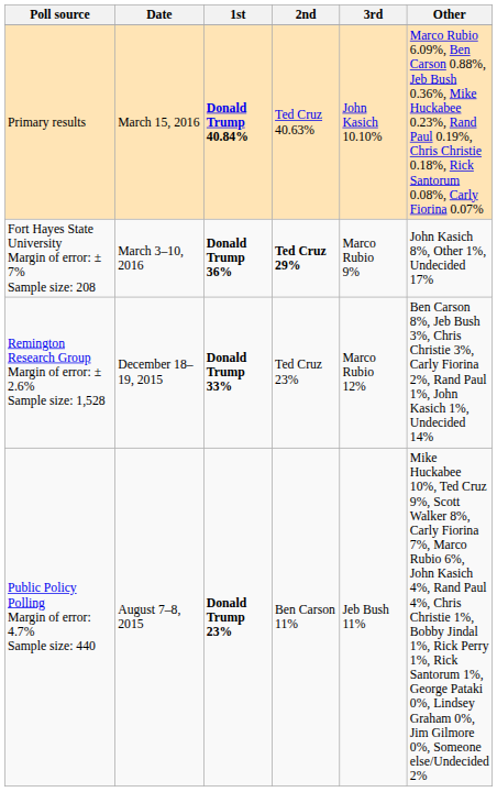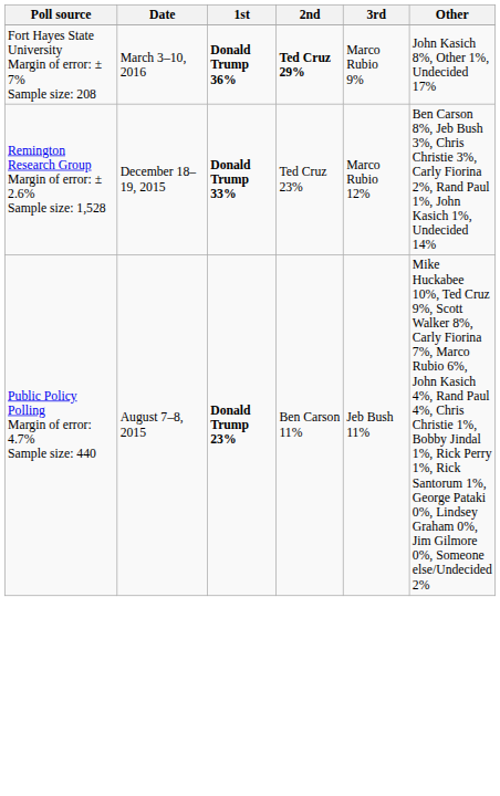 <table class="wikitable">
 <tr>
 <th style="width:180px;">Poll source</th>
 <th style="width:135px;">Date</th>
 <th style="width:100px;">1st</th>
 <th style="width:100px;">2nd</th>
 <th style="width:100px;">3rd</th>
 <th>Other</th>
 </tr>
 <tr>
-</tr>
-<tr style="background:Moccasin;">
-<td>Primary results</td>
-<td>March 15, 2016</td>
-<td><strong><a href='#'>Donald Trump</a><br>40.84%</strong></td>
-<td><a href='#'>Ted Cruz</a><br>40.63%</td>
-<td><a href='#'>John Kasich</a><br>10.10%</td>
-<td><a href='#'>Marco Rubio</a> 6.09%, <a href='#'>Ben Carson</a> 0.88%, <a href='#'>Jeb Bush</a> 0.36%, <a href='#'>Mike Huckabee</a> 0.23%, <a href='#'>Rand Paul</a> 0.19%, <a href='#'>Chris Christie</a> 0.18%, <a href='#'>Rick Santorum</a> 0.08%, <a href='#'>Carly Fiorina</a> 0.07%</td>
 </tr>
 <tr>
 <td>Fort Hayes State University<br>Margin of error: ± 7% <br>Sample size: 208</td>
 <td>March 3–10, 2016</td>
 <td><strong>Donald Trump<br>36%</strong></td>
 <td><strong>Ted Cruz<br>29%</strong></td>
 <td>Marco Rubio<br>9%</td>
 <td>John Kasich 8%, Other 1%, Undecided 17%</td>
 </tr>
 <tr>
 <td><a href='#'>Remington Research Group</a><br>Margin of error: ± 2.6% <br>Sample size: 1,528</td>
 <td>December 18–19, 2015</td>
 <td><strong>Donald Trump<br>33%</strong></td>
 <td>Ted Cruz<br>23%</td>
 <td>Marco Rubio<br>12%</td>
 <td>Ben Carson 8%, Jeb Bush 3%, Chris Christie 3%, Carly Fiorina 2%, Rand Paul 1%, John Kasich 1%, Undecided 14%</td>
 </tr>
 <tr>
 <td><a href='#'>Public Policy Polling</a><br>Margin of error: 4.7% <br>Sample size: 440</td>
 <td>August 7–8, 2015</td>
 <td><strong>Donald Trump<br>23%</strong></td>
 <td>Ben Carson<br>11%</td>
 <td>Jeb Bush<br>11%</td>
 <td>Mike Huckabee 10%, Ted Cruz 9%, Scott Walker 8%, Carly Fiorina 7%, Marco Rubio 6%, John Kasich 4%, Rand Paul 4%, Chris Christie 1%, Bobby Jindal 1%, Rick Perry 1%, Rick Santorum 1%, George Pataki 0%, Lindsey Graham 0%, Jim Gilmore 0%, Someone else/Undecided 2%</td>
 </tr>
 </table>
